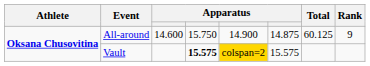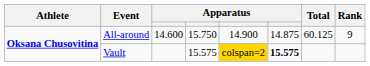 <table class="wikitable" style="font-size:90%">
 <tr>
 <th rowspan=2>Athlete</th>
 <th rowspan=2>Event</th>
 <th colspan =4>Apparatus</th>
 <th rowspan=2>Total</th>
 <th rowspan=2>Rank</th>
 </tr>
 <tr style="font-size:95%">
 <th></th>
 <th></th>
 <th></th>
 <th></th>
 </tr>
 <tr align=center>
 <td align=left rowspan=2><strong><a href='#'>Oksana Chusovitina</a></strong></td>
 <td align=left><a href='#'>All-around</a></td>
 <td>14.600</td>
 <td>15.750</td>
 <td>14.900</td>
 <td>14.875</td>
 <td>60.125</td>
 <td>9</td>
 </tr>
 <tr align=center>
 <td align=left><a href='#'>Vault</a></td>
 <td></td>
+<td>15.575</td>
+<td style="background: gold;">colspan=2 </td>
 <td><strong>15.575</strong></td>
-<td style="background: gold;">colspan=2 </td>
-<td>15.575</td>
 <td></td>
 </tr>
 </table>
